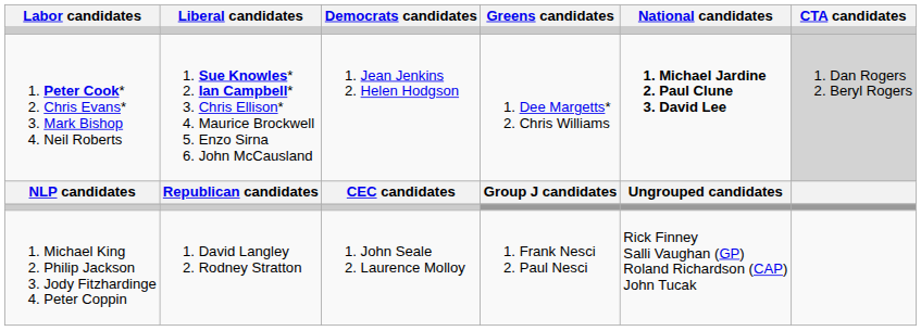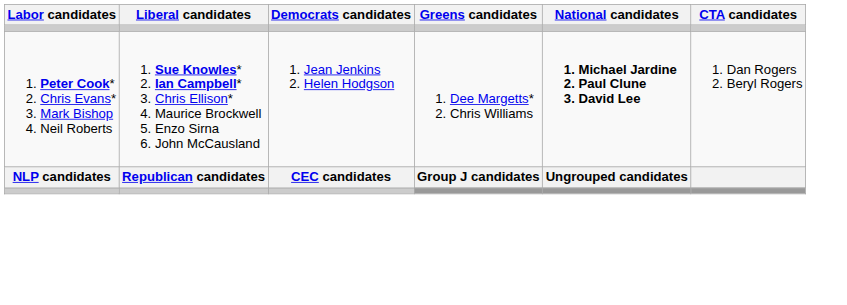 <table class="wikitable">
 <tr>
 <th><a href='#'>Labor</a> candidates</th>
 <th><a href='#'>Liberal</a> candidates</th>
 <th><a href='#'>Democrats</a> candidates</th>
 <th><a href='#'>Greens</a> candidates</th>
 <th><a href='#'>National</a> candidates</th>
 <th><a href='#'>CTA</a> candidates</th>
 </tr>
 <tr bgcolor="#cccccc">
 <td></td>
 <td></td>
 <td></td>
 <td></td>
 <td></td>
 <td></td>
 </tr>
 <tr>
 <td><br><ol><li><strong><a href='#'>Peter Cook</a></strong>*</li><li><a href='#'>Chris Evans</a>*</li><li><a href='#'>Mark Bishop</a></li><li>Neil Roberts</li></ol></td>
 <td><br><ol><li><strong><a href='#'>Sue Knowles</a></strong>*</li><li><strong><a href='#'>Ian Campbell</a></strong>*</li><li><a href='#'>Chris Ellison</a>*</li><li>Maurice Brockwell</li><li>Enzo Sirna</li><li>John McCausland</li></ol></td>
 <td valign=top><br><ol><li><a href='#'>Jean Jenkins</a></li><li><a href='#'>Helen Hodgson</a></li></ol></td>
 <td><br><ol><li><a href='#'>Dee Margetts</a>*</li><li>Chris Williams</li></ol></td>
 <td valign=top><strong><br><ol><li>Michael Jardine</li><li>Paul Clune</li><li>David Lee</li></ol></strong></td>
-<td valign=top style="background: lightgrey;"><br><ol><li>Dan Rogers</li><li>Beryl Rogers</li></ol></td>
+<td valign=top><br><ol><li>Dan Rogers</li><li>Beryl Rogers</li></ol></td>
 </tr>
 <tr bgcolor="#cccccc">
 <th><a href='#'>NLP</a> candidates</th>
 <th><a href='#'>Republican</a> candidates</th>
 <th><a href='#'>CEC</a> candidates</th>
 <th>Group J candidates</th>
 <th>Ungrouped candidates</th>
 <th></th>
 </tr>
 <tr bgcolor="#cccccc">
 <td></td>
 <td></td>
 <td></td>
 <td bgcolor="#999999"></td>
 <td bgcolor="#999999"></td>
 <td bgcolor="#999999"></td>
 </tr>
-<tr>
-<td valign=top><br><ol><li>Michael King</li><li>Philip Jackson</li><li>Jody Fitzhardinge</li><li>Peter Coppin</li></ol></td>
-<td valign=top><br><ol><li>David Langley</li><li>Rodney Stratton</li></ol></td>
-<td valign=top><br><ol><li>John Seale</li><li>Laurence Molloy</li></ol></td>
-<td valign=top><br><ol><li>Frank Nesci</li><li>Paul Nesci</li></ol></td>
-<td valign=top><br>Rick Finney<br> Salli Vaughan (<a href='#'>GP</a>)<br> Roland Richardson (<a href='#'>CAP</a>)<br> John Tucak</td>
-<td valign=top></td>
-</tr>
 </table>
